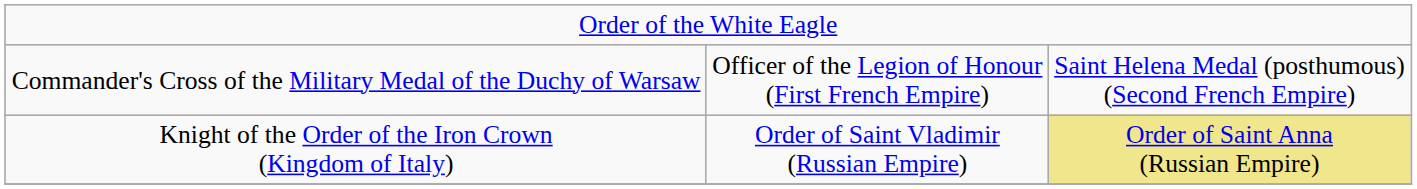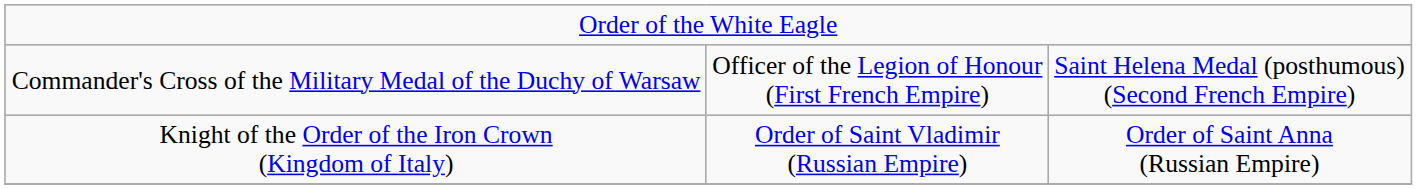 <table class="wikitable" style="margin:1em auto; text-align:center;">
 <tr>
 <td colspan="3"><a href='#'>Order of the White Eagle</a></td>
 </tr>
 <tr>
 <td>Commander's Cross of the <a href='#'>Military Medal of the Duchy of Warsaw</a></td>
 <td>Officer of the <a href='#'>Legion of Honour</a><br>(<a href='#'>First French Empire</a>)</td>
 <td><a href='#'>Saint Helena Medal</a> (posthumous)<br>(<a href='#'>Second French Empire</a>)</td>
 </tr>
 <tr>
 <td>Knight of the <a href='#'>Order of the Iron Crown</a><br>(<a href='#'>Kingdom of Italy</a>)</td>
 <td><a href='#'>Order of Saint Vladimir</a><br>(<a href='#'>Russian Empire</a>)</td>
-<td style="background: khaki;"><a href='#'>Order of Saint Anna</a><br>(Russian Empire)</td>
+<td><a href='#'>Order of Saint Anna</a><br>(Russian Empire)</td>
 </tr>
 <tr>
 </tr>
 </table>
